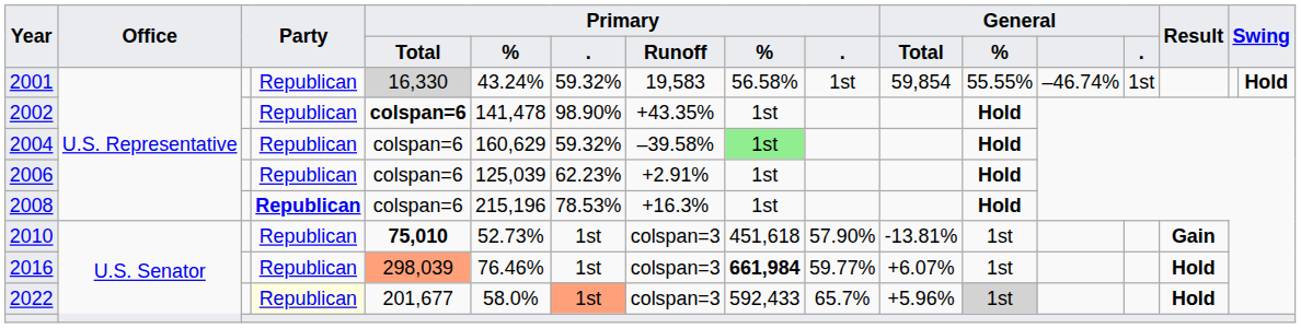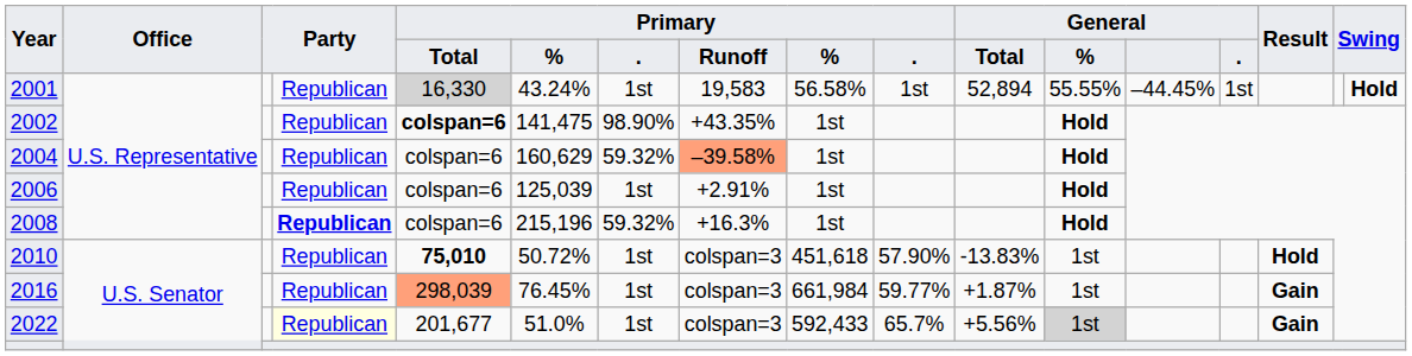 <table class="wikitable" style="font-size:90%; text-align:center;">
 <tr>
 <th style="background-color:#EAECF0;" rowspan=2>Year</th>
 <th style="background-color:#EAECF0;" rowspan=2>Office</th>
 <th style="background-color:#EAECF0;" colspan=2 rowspan=2>Party</th>
 <th style="background-color:#EAECF0;" colspan=6>Primary</th>
 <th style="background-color:#EAECF0;" colspan=4>General</th>
 <th style="background-color:#EAECF0;" rowspan=2>Result</th>
 <th style="background-color:#EAECF0;" colspan=2 rowspan=2><a href='#'>Swing</a></th>
 </tr>
 <tr>
 <th style="background-color:#EAECF0;">Total</th>
 <th style="background-color:#EAECF0;">%</th>
 <th style="background-color:#EAECF0;">.</th>
 <th style="background-color:#EAECF0;">Runoff</th>
 <th style="background-color:#EAECF0;">%</th>
 <th style="background-color:#EAECF0;">.</th>
 <th style="background-color:#EAECF0;">Total</th>
 <th style="background-color:#EAECF0;">%</th>
 <th style="background-color:#EAECF0;"></th>
 <th style="background-color:#EAECF0;">.</th>
 </tr>
 <tr>
 <td style="background-color:#EAECF0;"><a href='#'>2001</a></td>
 <td rowspan=5><a href='#'>U.S. Representative</a></td>
 <td></td>
 <td><a href='#'>Republican</a></td>
 <td style="background: lightgrey;">16,330</td>
 <td>43.24%</td>
-<td>59.32%</td>
+<td>1st</td>
 <td>19,583</td>
 <td>56.58%</td>
 <td>1st</td>
-<td>59,854</td>
+<td>52,894</td>
 <td>55.55%</td>
-<td>–46.74%</td>
+<td>–44.45%</td>
 <td>1st</td>
 <td></td>
 <td></td>
 <td><strong>Hold</strong></td>
 </tr>
 <tr>
 <td style="background-color:#EAECF0;"><a href='#'>2002</a></td>
 <td></td>
 <td><a href='#'>Republican</a></td>
 <td><strong>colspan=6 </strong></td>
-<td>141,478</td>
+<td>141,475</td>
 <td>98.90%</td>
 <td>+43.35%</td>
 <td>1st</td>
 <td></td>
 <td></td>
 <td><strong>Hold</strong></td>
 </tr>
 <tr>
 <td style="background-color:#EAECF0;"><a href='#'>2004</a></td>
 <td></td>
 <td><a href='#'>Republican</a></td>
 <td>colspan=6 </td>
 <td>160,629</td>
 <td>59.32%</td>
-<td>–39.58%</td>
-<td style="background: lightgreen;">1st</td>
+<td style="background: lightsalmon;">–39.58%</td>
+<td>1st</td>
 <td></td>
 <td></td>
 <td><strong>Hold</strong></td>
 </tr>
 <tr>
 <td style="background-color:#EAECF0;"><a href='#'>2006</a></td>
 <td></td>
 <td><a href='#'>Republican</a></td>
 <td>colspan=6 </td>
 <td>125,039</td>
-<td>62.23%</td>
+<td>1st</td>
 <td>+2.91%</td>
 <td>1st</td>
 <td></td>
 <td></td>
 <td><strong>Hold</strong></td>
 </tr>
 <tr>
 <td style="background-color:#EAECF0;"><a href='#'>2008</a></td>
 <td></td>
 <td><strong><a href='#'>Republican</a></strong></td>
 <td>colspan=6 </td>
 <td>215,196</td>
-<td>78.53%</td>
+<td>59.32%</td>
 <td>+16.3%</td>
 <td>1st</td>
 <td></td>
 <td></td>
 <td><strong>Hold</strong></td>
 </tr>
 <tr>
 <td style="background-color:#EAECF0;"><a href='#'>2010</a></td>
 <td rowspan=4><a href='#'>U.S. Senator</a></td>
 <td></td>
 <td><a href='#'>Republican</a></td>
 <td><strong>75,010</strong></td>
-<td>52.73%</td>
+<td>50.72%</td>
 <td>1st</td>
 <td>colspan=3 </td>
 <td>451,618</td>
 <td>57.90%</td>
-<td>-13.81%</td>
+<td>-13.83%</td>
+<td>1st</td>
+<td></td>
+<td></td>
+<td><strong>Hold</strong></td>
+</tr>
+<tr>
+<td style="background-color:#EAECF0;"><a href='#'>2016</a></td>
+<td></td>
+<td><a href='#'>Republican</a></td>
+<td style="background: lightsalmon;">298,039</td>
+<td>76.45%</td>
+<td>1st</td>
+<td>colspan=3 </td>
+<td>661,984</td>
+<td>59.77%</td>
+<td>+1.87%</td>
 <td>1st</td>
 <td></td>
 <td></td>
 <td><strong>Gain</strong></td>
 </tr>
 <tr>
-<td style="background-color:#EAECF0;"><a href='#'>2016</a></td>
-<td></td>
-<td><a href='#'>Republican</a></td>
-<td style="background: lightsalmon;">298,039</td>
-<td>76.46%</td>
-<td>1st</td>
-<td>colspan=3 </td>
-<td><strong>661,984</strong></td>
-<td>59.77%</td>
-<td>+6.07%</td>
-<td>1st</td>
-<td></td>
-<td></td>
-<td><strong>Hold</strong></td>
-</tr>
-<tr>
 <td style="background-color:#EAECF0;"><a href='#'>2022</a></td>
 <td></td>
 <td style="background: lightyellow;"><a href='#'>Republican</a></td>
 <td>201,677</td>
-<td>58.0%</td>
-<td style="background: lightsalmon;">1st</td>
+<td>51.0%</td>
+<td>1st</td>
 <td>colspan=3 </td>
 <td>592,433</td>
 <td>65.7%</td>
-<td>+5.96%</td>
+<td>+5.56%</td>
 <td style="background: lightgrey;">1st</td>
 <td></td>
 <td></td>
-<td><strong>Hold</strong></td>
+<td><strong>Gain</strong></td>
 </tr>
 <tr>
 <td style="background-color:#EAECF0;" colspan=17></td>
 </tr>
 </table>
